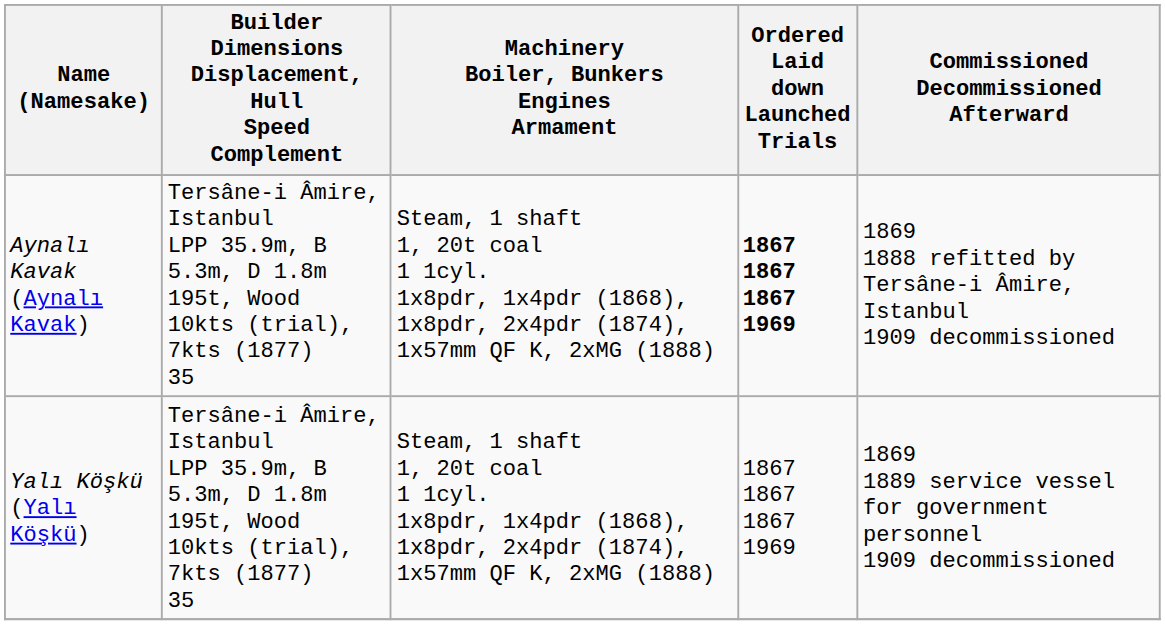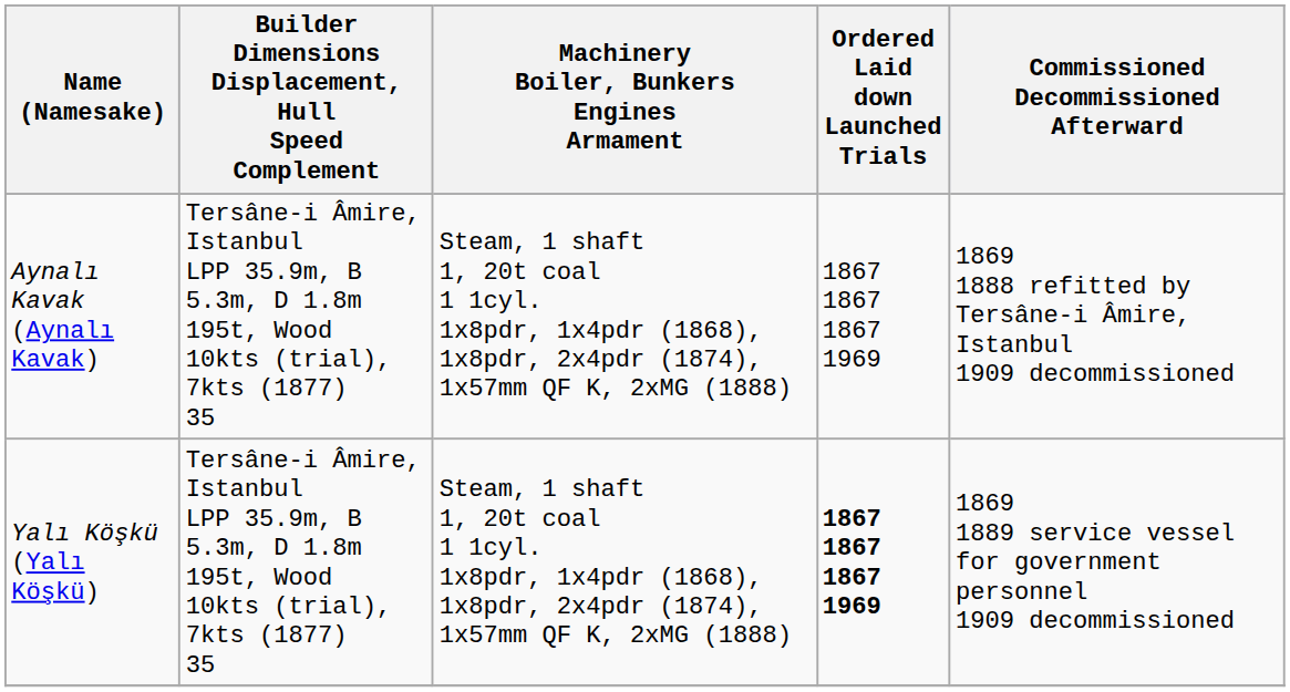 <table class="wikitable" style="font-size:90%;">
 <tr bgcolor="#e6e9ff">
 <th>Name<br>(Namesake)</th>
 <th>Builder<br>Dimensions<br>Displacement, Hull<br>Speed<br>Complement</th>
 <th>Machinery<br>Boiler, Bunkers<br>Engines<br>Armament</th>
 <th>Ordered<br>Laid down<br>Launched<br>Trials</th>
 <th>Commissioned<br>Decommissioned<br>Afterward</th>
 </tr>
 <tr ---->
 <td><em>Aynalı Kavak</em><br>(<a href='#'>Aynalı Kavak</a>)</td>
 <td> Tersâne-i Âmire, Istanbul<br>LPP 35.9m, B 5.3m, D 1.8m<br>195t, Wood<br>10kts (trial), 7kts (1877)<br>35</td>
 <td>Steam, 1 shaft<br>1, 20t coal<br>1 1cyl.<br>1x8pdr, 1x4pdr (1868), 1x8pdr, 2x4pdr (1874), 1x57mm QF K, 2xMG (1888)</td>
-<td><strong>1867<br>1867<br>1867<br>1969</strong></td>
+<td>1867<br>1867<br>1867<br>1969</td>
 <td>1869<br>1888 refitted by Tersâne-i Âmire, Istanbul<br>1909 decommissioned</td>
 </tr>
 <tr ---->
 <td><em>Yalı Köşkü</em><br>(<a href='#'>Yalı Köşkü</a>)</td>
 <td> Tersâne-i Âmire, Istanbul<br>LPP 35.9m, B 5.3m, D 1.8m<br>195t, Wood<br>10kts (trial), 7kts (1877)<br>35</td>
 <td>Steam, 1 shaft<br>1, 20t coal<br>1 1cyl.<br>1x8pdr, 1x4pdr (1868), 1x8pdr, 2x4pdr (1874), 1x57mm QF K, 2xMG (1888)</td>
-<td>1867<br>1867<br>1867<br>1969</td>
+<td><strong>1867<br>1867<br>1867<br>1969</strong></td>
 <td>1869<br>1889 service vessel for government personnel<br>1909 decommissioned</td>
 </tr>
 <tr ---->
 </tr>
 </table>
